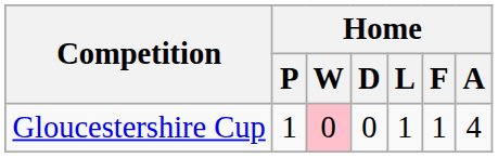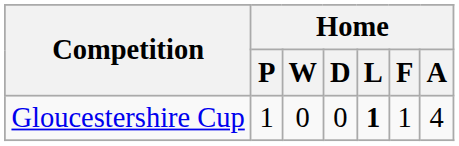 <table class="wikitable" style="text-align:center;">
 <tr>
 <th rowspan="2">Competition</th>
 <th colspan="6">Home</th>
 </tr>
 <tr>
 <th>P</th>
 <th>W</th>
 <th>D</th>
 <th>L</th>
 <th>F</th>
 <th>A</th>
 </tr>
 <tr>
 <td style="text-align:left;"><a href='#'>Gloucestershire Cup</a></td>
 <td>1</td>
-<td style="background: pink;">0</td>
 <td>0</td>
-<td>1</td>
+<td>0</td>
+<td><strong>1</strong></td>
 <td>1</td>
 <td>4</td>
 </tr>
 </table>
